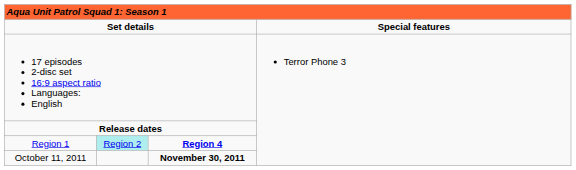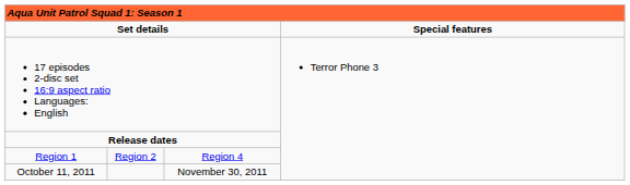 <table class="wikitable" style="font-size:95%;">
 <tr>
 <td colspan="5" style="background:#fe6532"><strong><em>Aqua Unit Patrol Squad 1: Season 1</em></strong></td>
 </tr>
 <tr valign="top">
 <td style="text-align:center; width:400px;" colspan="3"><strong>Set details</strong></td>
 <td style="width:300px; text-align:center;"><strong>Special features</strong></td>
 </tr>
 <tr valign="top">
 <td colspan="3"  style="text-align:left; width:200px;"><br><ul><li>17 episodes</li><li>2-disc set</li><li><a href='#'>16:9 aspect ratio</a></li><li>Languages:</li><li>English</li></ul></td>
 <td rowspan="4"  style="text-align:left; width:500px;"><br><ul><li>Terror Phone 3</li></ul></td>
 </tr>
 <tr>
 <td colspan="3" style="text-align:center;"><strong>Release dates</strong></td>
 </tr>
 <tr>
 <td style="text-align:center;"><a href='#'>Region 1</a></td>
-<td style="background: paleturquoise; text-align:center;"><a href='#'>Region 2</a></td>
-<td style="text-align:center;"><strong><a href='#'>Region 4</a></strong></td>
+<td style="text-align:center;"><a href='#'>Region 2</a></td>
+<td style="text-align:center;"><a href='#'>Region 4</a></td>
 </tr>
 <tr>
 <td style="text-align:center;">October 11, 2011</td>
 <td></td>
-<td style="text-align:center;"><strong>November 30, 2011</strong></td>
+<td style="text-align:center;">November 30, 2011</td>
 </tr>
 </table>
